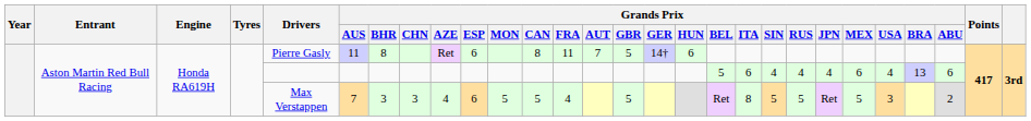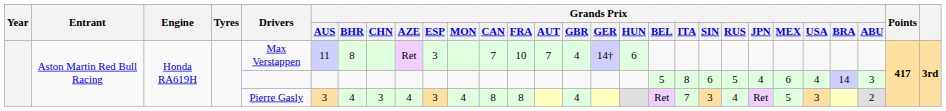 <table class="wikitable" style="text-align:center; font-size:90%">
 <tr>
 <th rowspan="2">Year</th>
 <th rowspan="2">Entrant</th>
 <th rowspan="2">Engine</th>
 <th rowspan="2">Tyres</th>
 <th rowspan="2">Drivers</th>
 <th colspan="21">Grands Prix</th>
 <th rowspan="2">Points</th>
 <th rowspan="2"></th>
 </tr>
 <tr>
 <th><a href='#'>AUS</a></th>
 <th><a href='#'>BHR</a></th>
 <th><a href='#'>CHN</a></th>
 <th><a href='#'>AZE</a></th>
 <th><a href='#'>ESP</a></th>
 <th><a href='#'>MON</a></th>
 <th><a href='#'>CAN</a></th>
 <th><a href='#'>FRA</a></th>
 <th><a href='#'>AUT</a></th>
 <th><a href='#'>GBR</a></th>
 <th><a href='#'>GER</a></th>
 <th><a href='#'>HUN</a></th>
 <th><a href='#'>BEL</a></th>
 <th><a href='#'>ITA</a></th>
 <th><a href='#'>SIN</a></th>
 <th><a href='#'>RUS</a></th>
 <th><a href='#'>JPN</a></th>
 <th><a href='#'>MEX</a></th>
 <th><a href='#'>USA</a></th>
 <th><a href='#'>BRA</a></th>
 <th><a href='#'>ABU</a></th>
 </tr>
 <tr>
 <th rowspan="3"></th>
 <td rowspan="3"><a href='#'>Aston Martin Red Bull Racing</a></td>
 <td rowspan="3"><a href='#'>Honda RA619H</a></td>
 <td rowspan="3"></td>
-<td> <a href='#'>Pierre Gasly</a></td>
+<td> <a href='#'>Max Verstappen</a></td>
 <td style="background-color:#cfcfff">11</td>
 <td style="background-color:#dfffdf">8</td>
 <td style="background-color:#dfffdf"></td>
 <td style="background-color:#EFCFFF">Ret</td>
-<td style="background-color:#dfffdf">6</td>
+<td style="background-color:#dfffdf">3</td>
 <td style="background-color:#dfffdf"></td>
-<td style="background-color:#dfffdf">8</td>
-<td style="background-color:#dfffdf">11</td>
 <td style="background-color:#dfffdf">7</td>
-<td style="background-color:#dfffdf">5</td>
+<td style="background-color:#dfffdf">10</td>
+<td style="background-color:#dfffdf">7</td>
+<td style="background-color:#dfffdf">4</td>
 <td style="background-color:#CFCFFF">14†</td>
 <td style="background-color:#dfffdf">6</td>
 <td></td>
 <td></td>
 <td></td>
 <td></td>
 <td></td>
 <td></td>
 <td></td>
 <td></td>
 <td></td>
 <th rowspan="3" style="background:#ffdf9f;">417</th>
 <th rowspan="3" style="background:#ffdf9f;">3rd</th>
 </tr>
 <tr>
 <td> </td>
 <td></td>
 <td></td>
 <td></td>
 <td></td>
 <td></td>
 <td></td>
 <td></td>
 <td></td>
 <td></td>
 <td></td>
 <td></td>
 <td></td>
 <td style="background-color:#dfffdf">5</td>
+<td style="background-color:#dfffdf">8</td>
 <td style="background-color:#dfffdf">6</td>
-<td style="background-color:#dfffdf">4</td>
-<td style="background-color:#dfffdf">4</td>
+<td style="background-color:#dfffdf">5</td>
 <td style="background-color:#dfffdf">4</td>
 <td style="background-color:#dfffdf">6</td>
 <td style="background-color:#dfffdf">4</td>
-<td style="background-color:#CFCFFF">13</td>
-<td style="background-color:#dfffdf">6</td>
+<td style="background-color:#CFCFFF">14</td>
+<td style="background-color:#dfffdf">3</td>
 </tr>
 <tr>
-<td> <a href='#'>Max Verstappen</a></td>
-<td style="background-color:#ffdf9f">7</td>
-<td style="background-color:#dfffdf">3</td>
+<td> <a href='#'>Pierre Gasly</a></td>
+<td style="background-color:#ffdf9f">3</td>
+<td style="background-color:#dfffdf">4</td>
 <td style="background-color:#dfffdf">3</td>
 <td style="background-color:#dfffdf">4</td>
-<td style="background-color:#ffdf9f">6</td>
-<td style="background-color:#dfffdf">5</td>
-<td style="background-color:#dfffdf">5</td>
+<td style="background-color:#ffdf9f">3</td>
 <td style="background-color:#dfffdf">4</td>
+<td style="background-color:#dfffdf">8</td>
+<td style="background-color:#dfffdf">8</td>
 <td style="background-color:#FFFFBF"></td>
-<td style="background-color:#dfffdf">5</td>
+<td style="background-color:#dfffdf">4</td>
 <td style="background-color:#FFFFBF"></td>
 <td style="background-color:#dfdfdf"></td>
 <td style="background-color:#EFCFFF">Ret</td>
-<td style="background-color:#dfffdf">8</td>
-<td style="background-color:#ffdf9f">5</td>
-<td style="background-color:#dfffdf">5</td>
+<td style="background-color:#dfffdf">7</td>
+<td style="background-color:#ffdf9f">3</td>
+<td style="background-color:#dfffdf">4</td>
 <td style="background-color:#EFCFFF">Ret</td>
 <td style="background-color:#dfffdf">5</td>
 <td style="background-color:#ffdf9f">3</td>
 <td style="background-color:#FFFFBF"></td>
 <td style="background:#dfdfdf;">2</td>
 </tr>
 </table>
